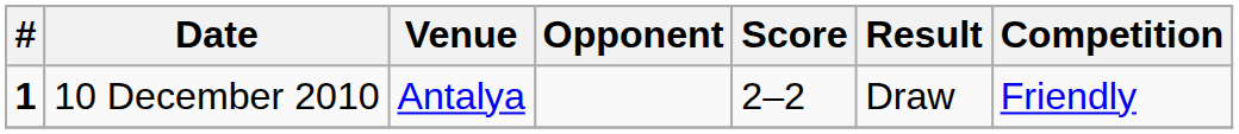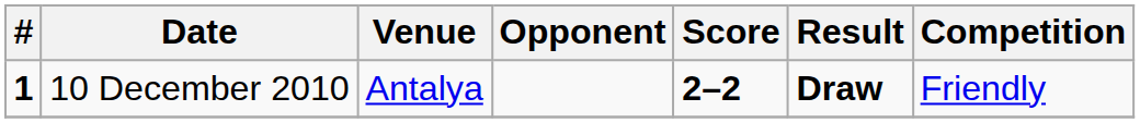 <table class="wikitable">
 <tr>
 <th>#</th>
 <th>Date</th>
 <th>Venue</th>
 <th>Opponent</th>
 <th>Score</th>
 <th>Result</th>
 <th>Competition</th>
 </tr>
 <tr>
 <td><strong>1</strong></td>
 <td>10 December 2010</td>
 <td><a href='#'>Antalya</a></td>
 <td></td>
-<td>2–2</td>
-<td>Draw</td>
+<td><strong>2–2</strong></td>
+<td><strong>Draw</strong></td>
 <td><a href='#'>Friendly</a></td>
 </tr>
 <tr>
 </tr>
 </table>
